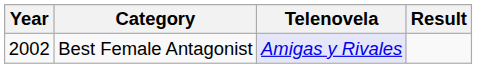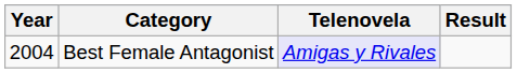 <table class="wikitable">
 <tr style="background:#b0c4de;">
 <th>Year</th>
 <th>Category</th>
 <th>Telenovela</th>
 <th>Result</th>
 </tr>
 <tr>
-<td>2002</td>
+<td>2004</td>
 <td>Best Female Antagonist</td>
 <td style="background: lavender;"><em><a href='#'>Amigas y Rivales</a></em></td>
 <td></td>
 </tr>
 </table>
